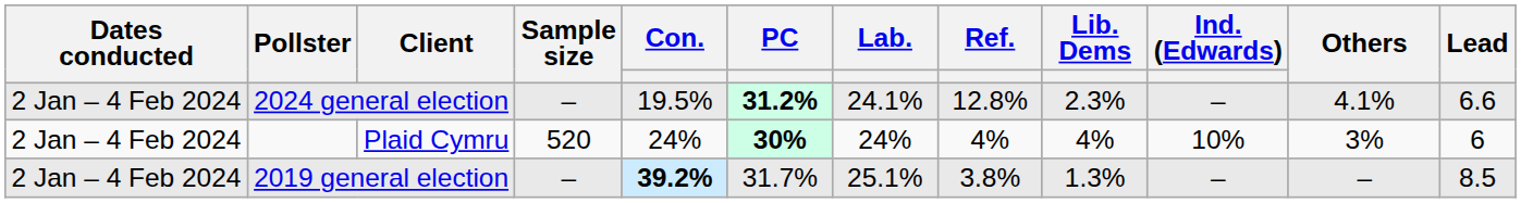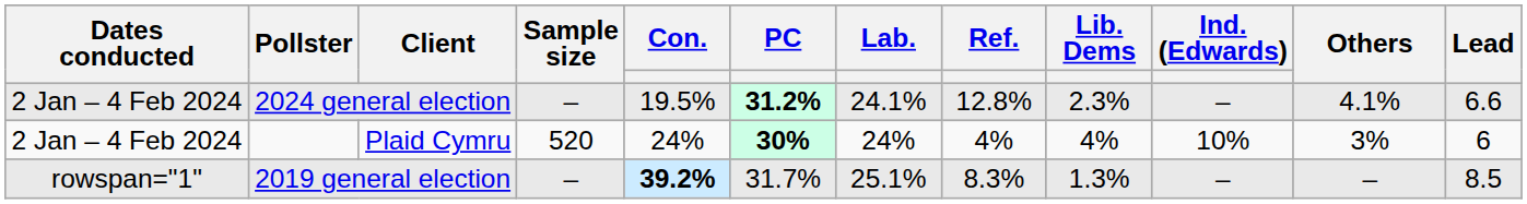 <table class="wikitable sortable mw-datatable" style="text-align:center; font-size:90%; line-height:14px;">
 <tr>
 <th rowspan="2">Dates<br>conducted</th>
 <th rowspan="2">Pollster</th>
 <th rowspan="2">Client</th>
 <th rowspan="2" data-sort-type="number">Sample<br>size</th>
 <th class="unsortable" style="width:50px;"><a href='#'>Con.</a></th>
 <th class="unsortable" style="width:50px;"><a href='#'>PC</a></th>
 <th class="unsortable" style="width:50px;"><a href='#'>Lab.</a></th>
 <th class="unsortable" style="width:50px;"><a href='#'>Ref.</a></th>
 <th class="unsortable" style="width:50px;"><a href='#'>Lib. Dems</a></th>
 <th class="unsortable" style="width:50px;"><a href='#'>Ind.</a> (<a href='#'>Edwards</a>)</th>
 <th rowspan="2" class="unsortable" style="width:75px;">Others</th>
 <th rowspan="2" data-sort-type="number">Lead</th>
 </tr>
 <tr>
 <th data-sort-type="number" style="background:"></th>
 <th data-sort-type="number" style="background:"></th>
 <th data-sort-type="number" style="background:"></th>
 <th data-sort-type="number" style="background:"></th>
 <th data-sort-type="number" style="background:"></th>
 <th data-sort-type="number" style="background:"></th>
 </tr>
 <tr style="background:#e9e9e9;">
 <td>2 Jan – 4 Feb 2024</td>
 <td colspan="2" rowspan="1"><a href='#'>2024 general election</a></td>
 <td>–</td>
 <td>19.5%</td>
 <td style="background:#CCFFE6;"><strong>31.2%</strong></td>
 <td>24.1%</td>
 <td>12.8%</td>
 <td>2.3%</td>
 <td>–</td>
 <td>4.1%</td>
 <td style="background:">6.6</td>
 </tr>
 <tr>
 <td>2 Jan – 4 Feb 2024</td>
 <td></td>
 <td><a href='#'>Plaid Cymru</a></td>
 <td>520</td>
 <td>24%</td>
 <td style="background:#CCFFE6;"><strong>30%</strong></td>
 <td>24%</td>
 <td>4%</td>
 <td>4%</td>
 <td>10%</td>
 <td>3%</td>
 <td style="background:">6</td>
 </tr>
 <tr style="background:#e9e9e9;">
-<td>2 Jan – 4 Feb 2024</td>
+<td>rowspan="1" </td>
 <td colspan="2" rowspan="1"><a href='#'>2019 general election</a></td>
 <td>–</td>
 <td style="background:#CCEBFF;"><strong>39.2%</strong></td>
 <td>31.7%</td>
 <td>25.1%</td>
-<td>3.8%</td>
+<td>8.3%</td>
 <td>1.3%</td>
 <td>–</td>
 <td>–</td>
 <td style="background:">8.5</td>
 </tr>
 </table>
